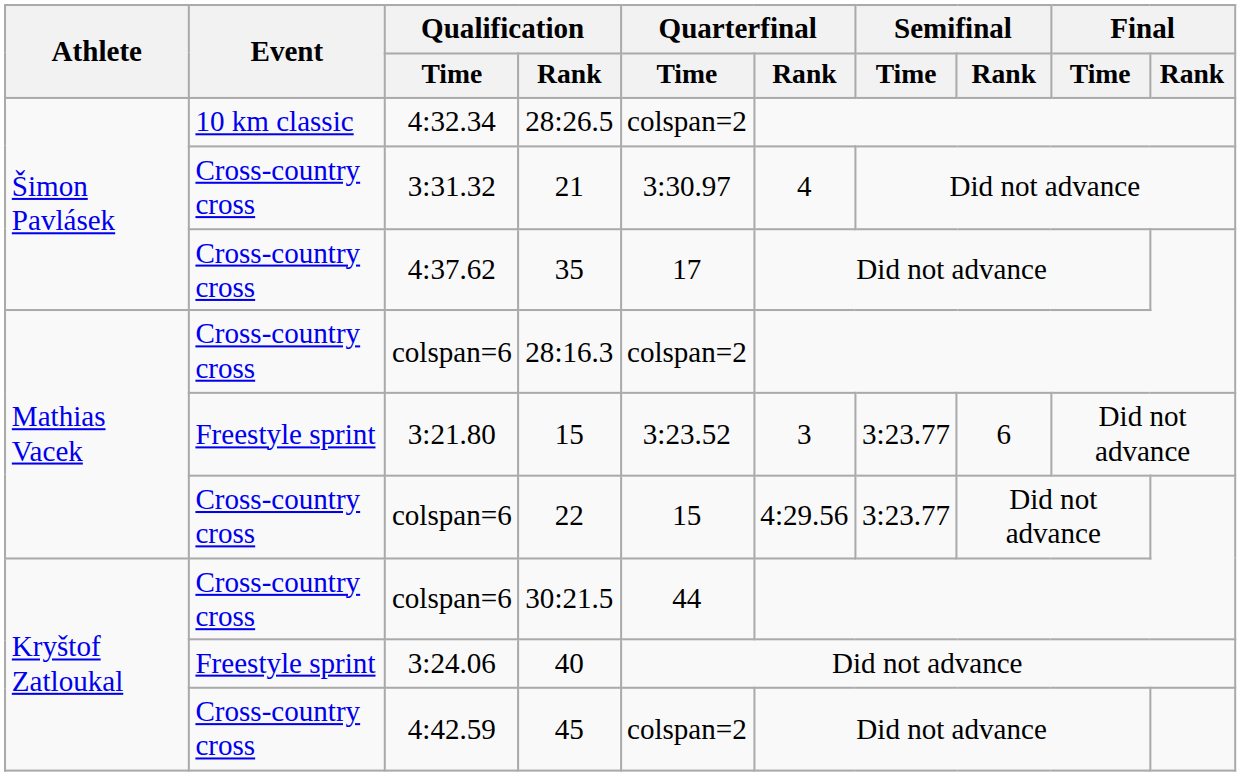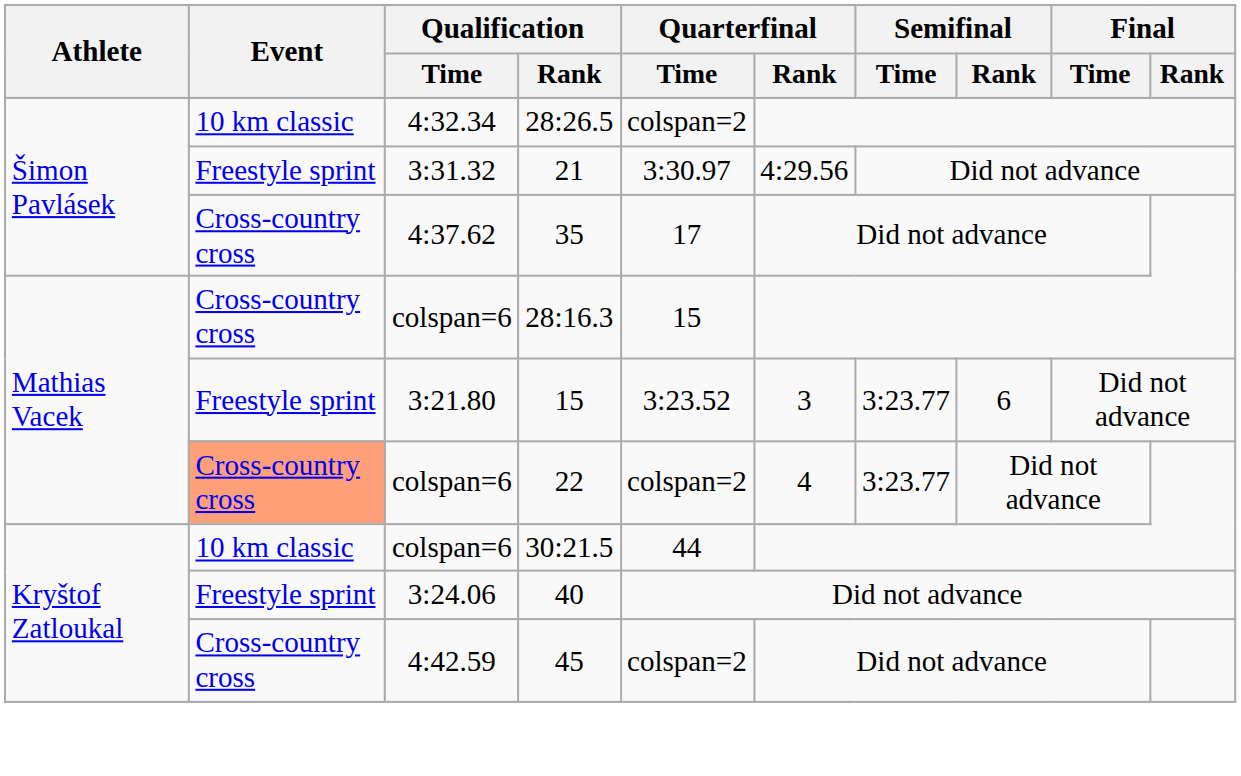 <table class="wikitable" style="font-size:90%">
 <tr>
 <th rowspan="2">Athlete</th>
 <th rowspan="2">Event</th>
 <th colspan="2">Qualification</th>
 <th colspan="2">Quarterfinal</th>
 <th colspan="2">Semifinal</th>
 <th colspan="2">Final</th>
 </tr>
 <tr style="font-size:95%">
 <th>Time</th>
 <th>Rank</th>
 <th>Time</th>
 <th>Rank</th>
 <th>Time</th>
 <th>Rank</th>
 <th>Time</th>
 <th>Rank</th>
 </tr>
 <tr align=center>
 <td align=left rowspan=3><a href='#'>Šimon Pavlásek</a></td>
 <td align=left><a href='#'>10 km classic</a></td>
 <td>4:32.34</td>
 <td>28:26.5</td>
 <td>colspan=2 </td>
 </tr>
 <tr align=center>
-<td align=left><a href='#'>Cross-country cross</a></td>
+<td align=left><a href='#'>Freestyle sprint</a></td>
 <td>3:31.32</td>
 <td>21</td>
 <td>3:30.97</td>
-<td>4</td>
+<td>4:29.56</td>
 <td colspan="4">Did not advance</td>
 </tr>
 <tr align=center>
 <td align=left><a href='#'>Cross-country cross</a></td>
 <td>4:37.62</td>
 <td>35</td>
 <td>17</td>
 <td colspan="4">Did not advance</td>
 </tr>
 <tr align=center>
 <td align=left rowspan=3><a href='#'>Mathias Vacek</a></td>
 <td align=left><a href='#'>Cross-country cross</a></td>
 <td>colspan=6 </td>
 <td>28:16.3</td>
-<td>colspan=2 </td>
+<td>15</td>
 </tr>
 <tr align=center>
 <td align=left><a href='#'>Freestyle sprint</a></td>
 <td>3:21.80</td>
 <td>15</td>
 <td>3:23.52</td>
 <td>3</td>
 <td>3:23.77</td>
 <td>6</td>
 <td colspan="2">Did not advance</td>
 </tr>
 <tr align=center>
-<td align=left><a href='#'>Cross-country cross</a></td>
+<td align=left style="background: lightsalmon;"><a href='#'>Cross-country cross</a></td>
 <td>colspan=6 </td>
 <td>22</td>
-<td>15</td>
-<td>4:29.56</td>
+<td>colspan=2 </td>
+<td>4</td>
 <td>3:23.77</td>
 <td colspan="2">Did not advance</td>
 </tr>
 <tr align=center>
 <td align=left rowspan=3><a href='#'>Kryštof Zatloukal</a></td>
-<td align=left><a href='#'>Cross-country cross</a></td>
+<td align=left><a href='#'>10 km classic</a></td>
 <td>colspan=6 </td>
 <td>30:21.5</td>
 <td>44</td>
 </tr>
 <tr align=center>
 <td align=left><a href='#'>Freestyle sprint</a></td>
 <td>3:24.06</td>
 <td>40</td>
 <td colspan="6">Did not advance</td>
 </tr>
 <tr align=center>
 <td align=left><a href='#'>Cross-country cross</a></td>
 <td>4:42.59</td>
 <td>45</td>
 <td>colspan=2 </td>
 <td colspan="4">Did not advance</td>
 </tr>
 </table>
